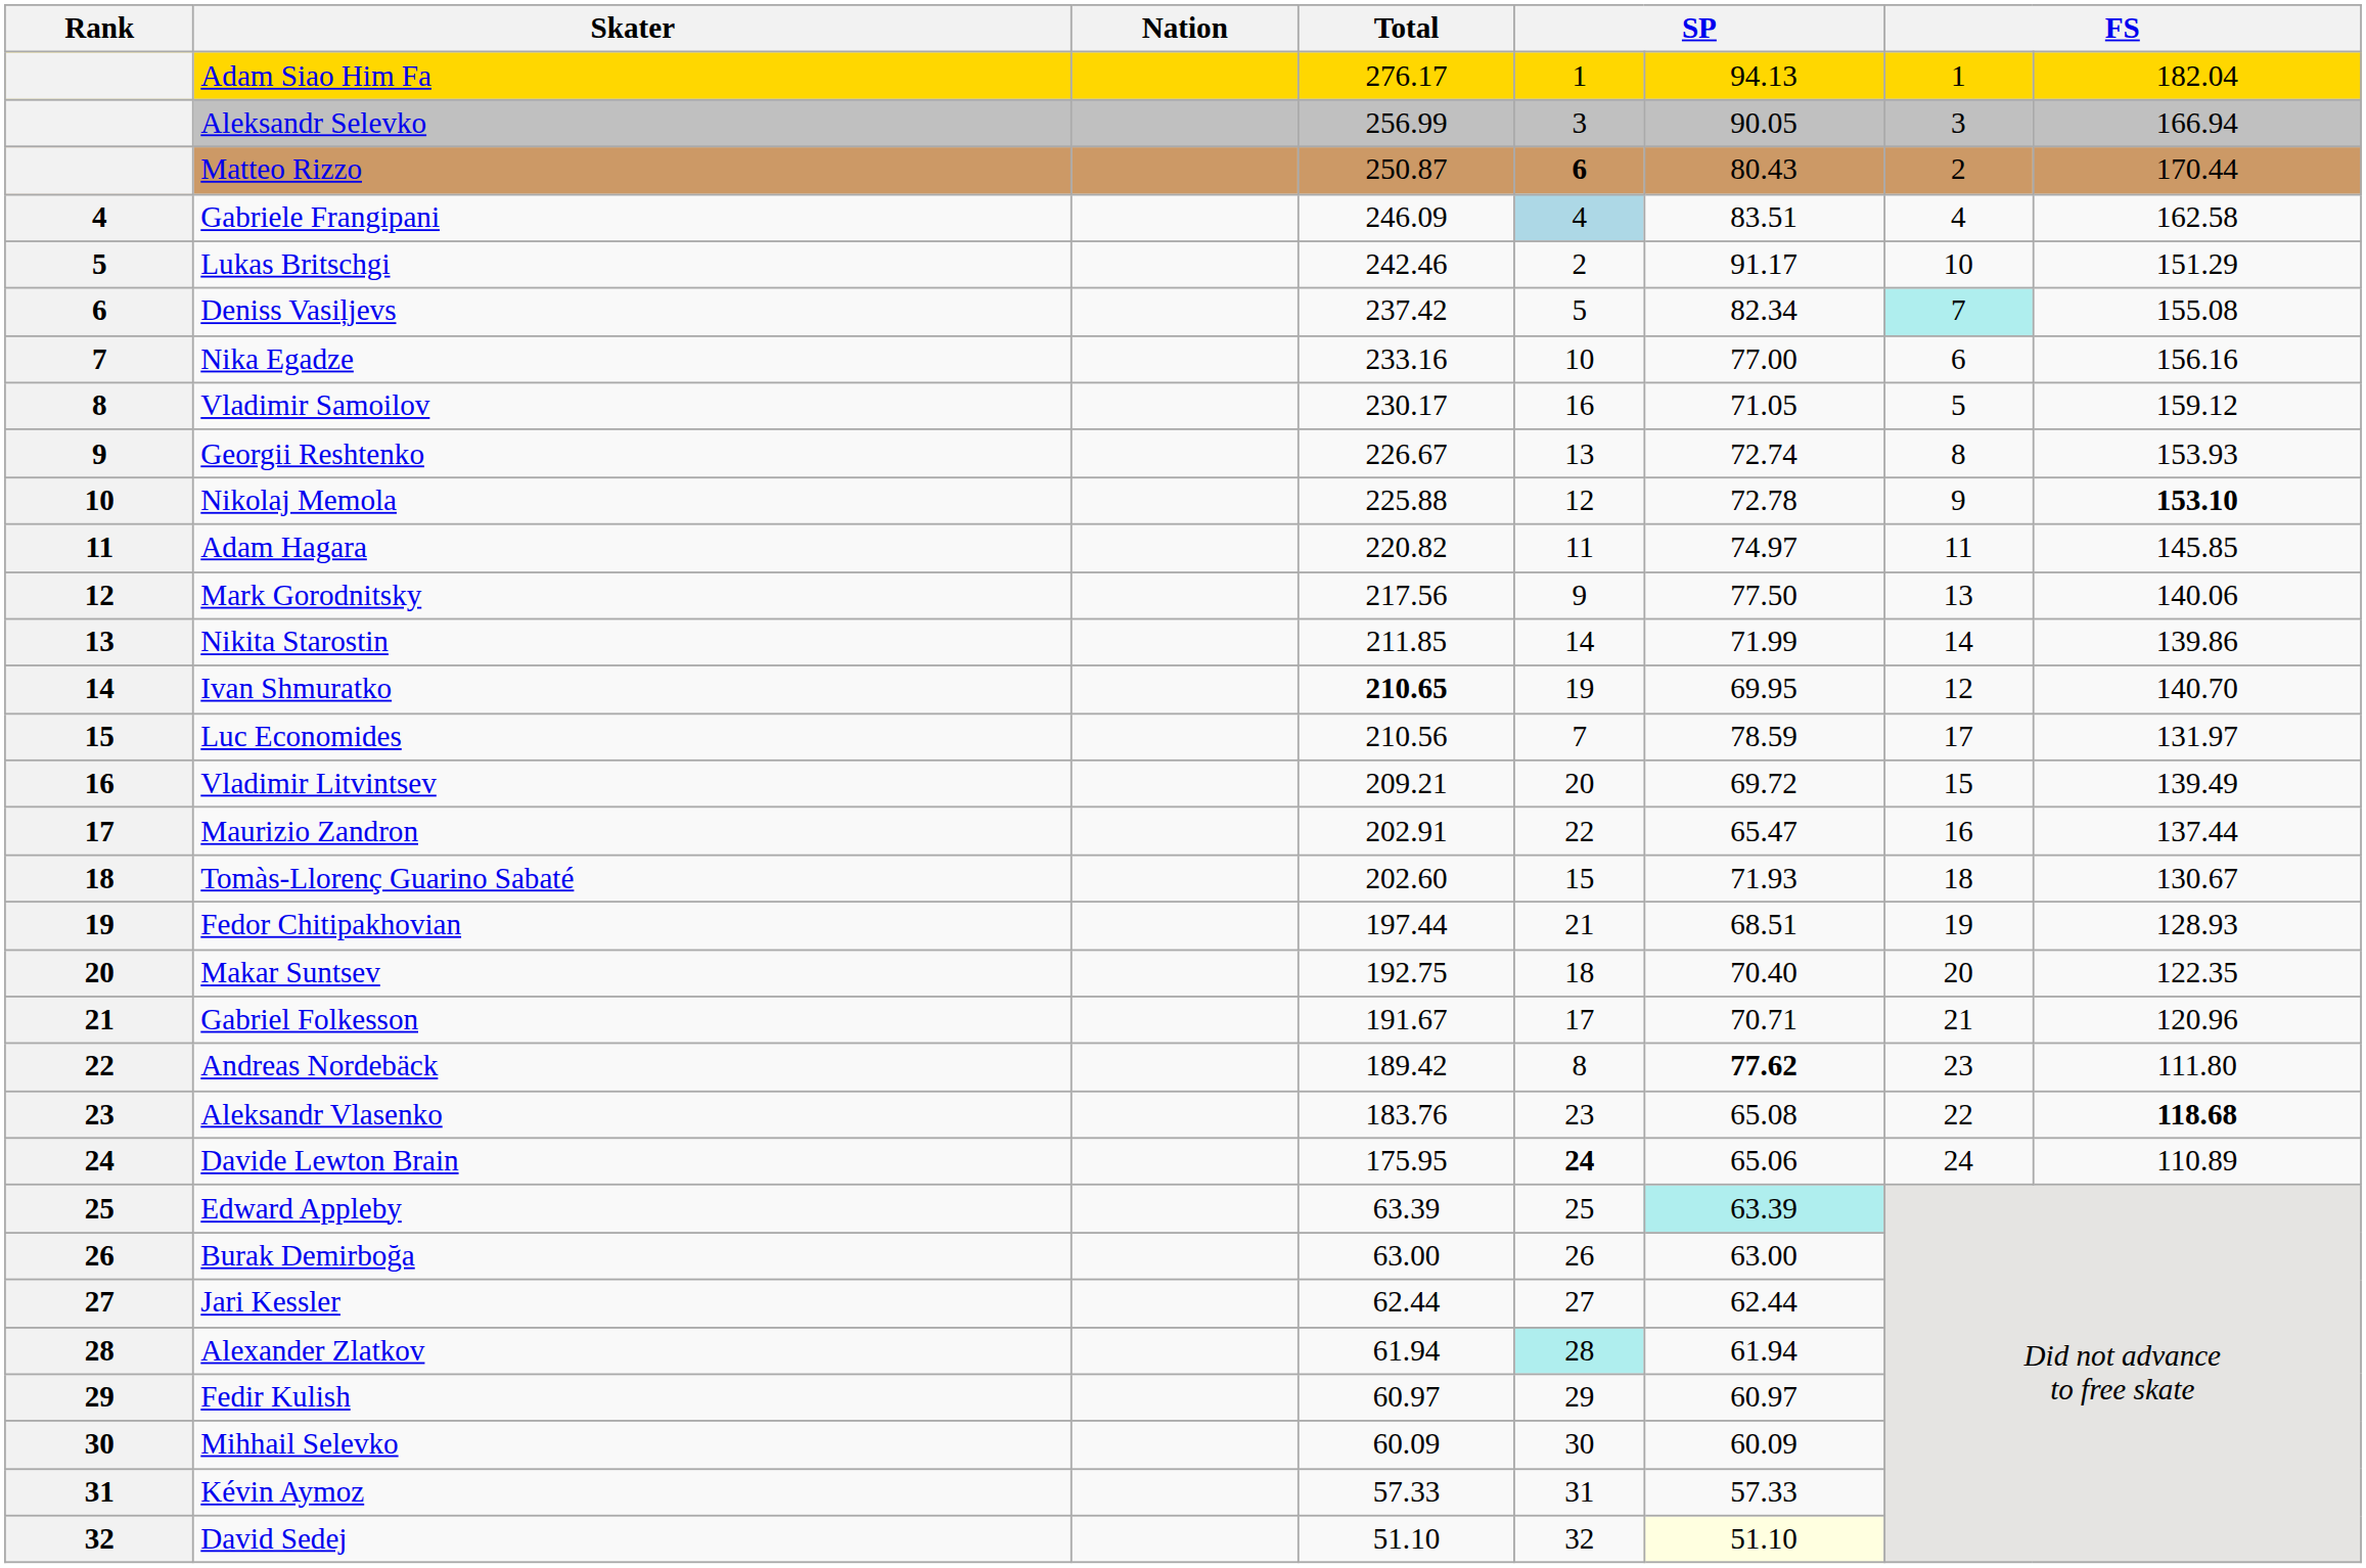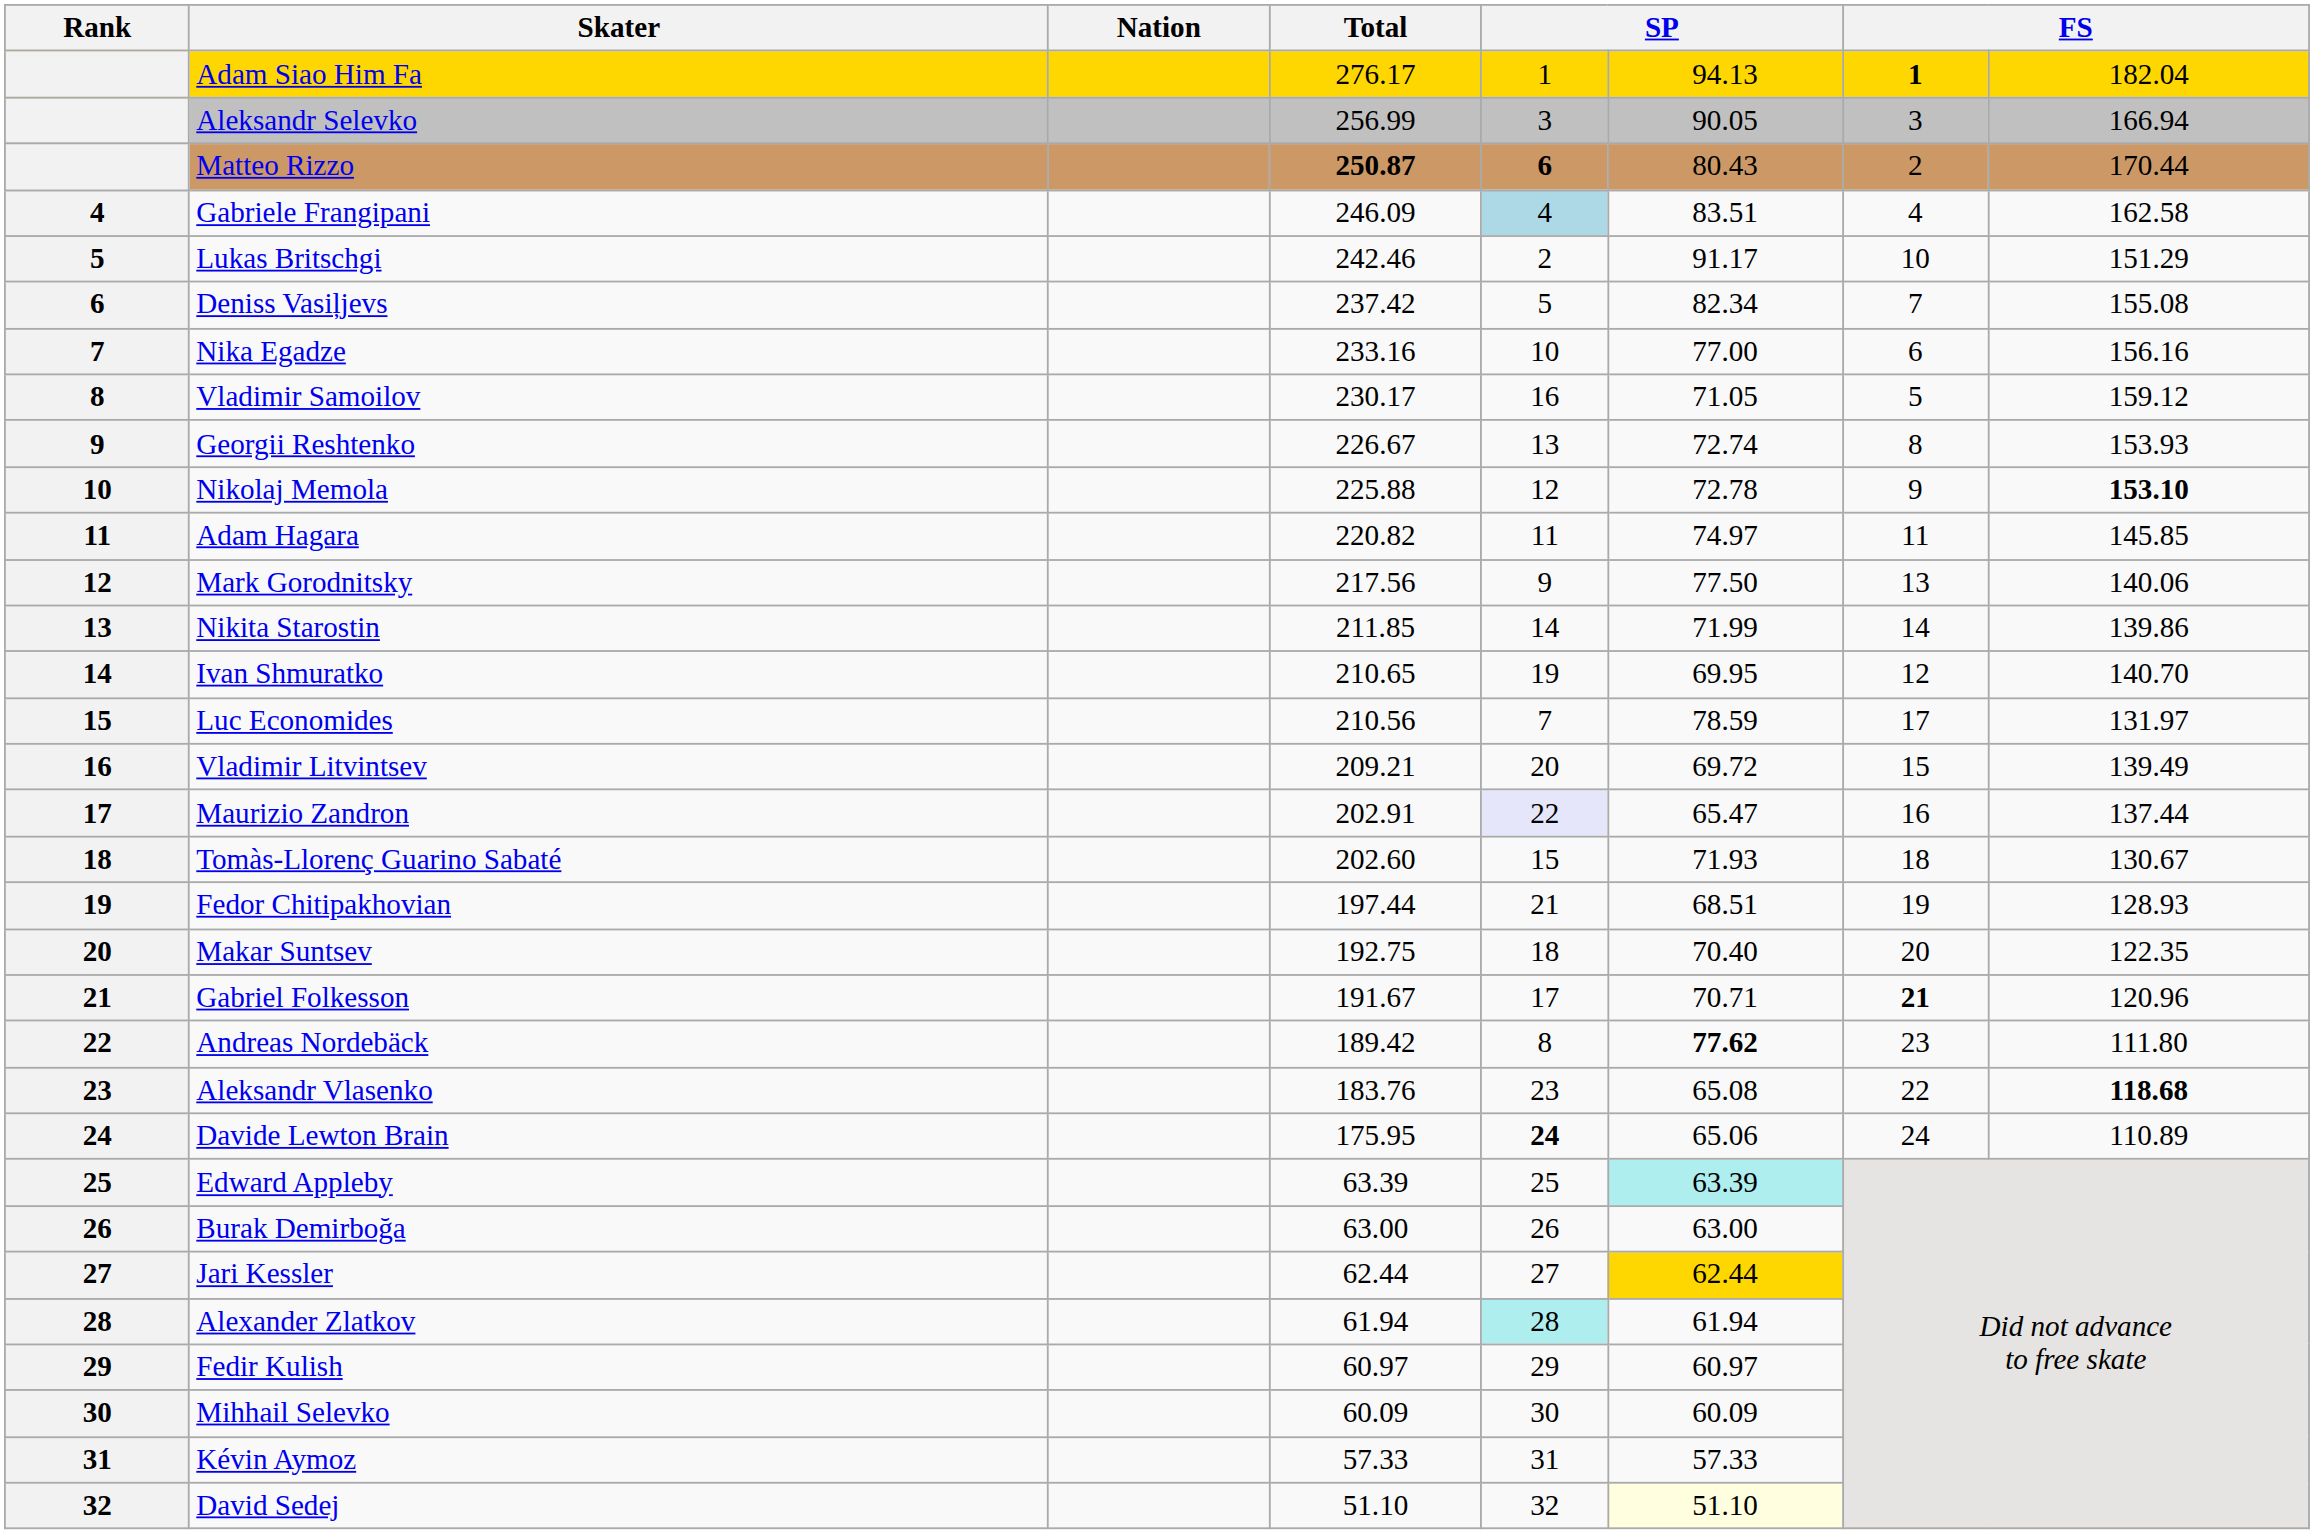 <table class="wikitable sortable" style="text-align:center; width:80%">
 <tr>
 <th scope="col">Rank</th>
 <th scope="col">Skater</th>
 <th scope="col">Nation</th>
 <th scope="col">Total</th>
 <th scope="col" colspan="2" width="80px"><a href='#'>SP</a></th>
 <th scope="col" colspan="2" width="80px"><a href='#'>FS</a></th>
 </tr>
 <tr bgcolor="gold">
 <th scope="row"></th>
 <td align="left"><a href='#'>Adam Siao Him Fa</a></td>
 <td align="left"></td>
 <td>276.17</td>
 <td>1</td>
 <td>94.13</td>
-<td>1</td>
+<td><strong>1</strong></td>
 <td>182.04</td>
 </tr>
 <tr bgcolor="silver">
 <th scope="row"></th>
 <td align="left"><a href='#'>Aleksandr Selevko</a></td>
 <td align="left"></td>
 <td>256.99</td>
 <td>3</td>
 <td>90.05</td>
 <td>3</td>
 <td>166.94</td>
 </tr>
 <tr bgcolor="#cc9966">
 <th scope="row"></th>
 <td align="left"><a href='#'>Matteo Rizzo</a></td>
 <td align="left"></td>
-<td>250.87</td>
+<td><strong>250.87</strong></td>
 <td><strong>6</strong></td>
 <td>80.43</td>
 <td>2</td>
 <td>170.44</td>
 </tr>
 <tr>
 <th scope="row">4</th>
 <td align="left"><a href='#'>Gabriele Frangipani</a></td>
 <td align="left"></td>
 <td>246.09</td>
 <td style="background: lightblue;">4</td>
 <td>83.51</td>
 <td>4</td>
 <td>162.58</td>
 </tr>
 <tr>
 <th scope="row">5</th>
 <td align="left"><a href='#'>Lukas Britschgi</a></td>
 <td align="left"></td>
 <td>242.46</td>
 <td>2</td>
 <td>91.17</td>
 <td>10</td>
 <td>151.29</td>
 </tr>
 <tr>
 <th scope="row">6</th>
 <td align="left"><a href='#'>Deniss Vasiļjevs</a></td>
 <td align="left"></td>
 <td>237.42</td>
 <td>5</td>
 <td>82.34</td>
-<td style="background: paleturquoise;">7</td>
+<td>7</td>
 <td>155.08</td>
 </tr>
 <tr>
 <th scope="row">7</th>
 <td align="left"><a href='#'>Nika Egadze</a></td>
 <td align="left"></td>
 <td>233.16</td>
 <td>10</td>
 <td>77.00</td>
 <td>6</td>
 <td>156.16</td>
 </tr>
 <tr>
 <th scope="row">8</th>
 <td align="left"><a href='#'>Vladimir Samoilov</a></td>
 <td align="left"></td>
 <td>230.17</td>
 <td>16</td>
 <td>71.05</td>
 <td>5</td>
 <td>159.12</td>
 </tr>
 <tr>
 <th scope="row">9</th>
 <td align="left"><a href='#'>Georgii Reshtenko</a></td>
 <td align="left"></td>
 <td>226.67</td>
 <td>13</td>
 <td>72.74</td>
 <td>8</td>
 <td>153.93</td>
 </tr>
 <tr>
 <th scope="row">10</th>
 <td align="left"><a href='#'>Nikolaj Memola</a></td>
 <td align="left"></td>
 <td>225.88</td>
 <td>12</td>
 <td>72.78</td>
 <td>9</td>
 <td><strong>153.10</strong></td>
 </tr>
 <tr>
 <th scope="row">11</th>
 <td align="left"><a href='#'>Adam Hagara</a></td>
 <td align="left"></td>
 <td>220.82</td>
 <td>11</td>
 <td>74.97</td>
 <td>11</td>
 <td>145.85</td>
 </tr>
 <tr>
 <th scope="row">12</th>
 <td align="left"><a href='#'>Mark Gorodnitsky</a></td>
 <td align="left"></td>
 <td>217.56</td>
 <td>9</td>
 <td>77.50</td>
 <td>13</td>
 <td>140.06</td>
 </tr>
 <tr>
 <th scope="row">13</th>
 <td align="left"><a href='#'>Nikita Starostin</a></td>
 <td align="left"></td>
 <td>211.85</td>
 <td>14</td>
 <td>71.99</td>
 <td>14</td>
 <td>139.86</td>
 </tr>
 <tr>
 <th scope="row">14</th>
 <td align="left"><a href='#'>Ivan Shmuratko</a></td>
 <td align="left"></td>
-<td><strong>210.65</strong></td>
+<td>210.65</td>
 <td>19</td>
 <td>69.95</td>
 <td>12</td>
 <td>140.70</td>
 </tr>
 <tr>
 <th scope="row">15</th>
 <td align="left"><a href='#'>Luc Economides</a></td>
 <td align="left"></td>
 <td>210.56</td>
 <td>7</td>
 <td>78.59</td>
 <td>17</td>
 <td>131.97</td>
 </tr>
 <tr>
 <th scope="row">16</th>
 <td align="left"><a href='#'>Vladimir Litvintsev</a></td>
 <td align="left"></td>
 <td>209.21</td>
 <td>20</td>
 <td>69.72</td>
 <td>15</td>
 <td>139.49</td>
 </tr>
 <tr>
 <th scope="row">17</th>
 <td align="left"><a href='#'>Maurizio Zandron</a></td>
 <td align="left"></td>
 <td>202.91</td>
-<td>22</td>
+<td style="background: lavender;">22</td>
 <td>65.47</td>
 <td>16</td>
 <td>137.44</td>
 </tr>
 <tr>
 <th scope="row">18</th>
 <td align="left"><a href='#'>Tomàs-Llorenç Guarino Sabaté</a></td>
 <td align="left"></td>
 <td>202.60</td>
 <td>15</td>
 <td>71.93</td>
 <td>18</td>
 <td>130.67</td>
 </tr>
 <tr>
 <th scope="row">19</th>
 <td align="left"><a href='#'>Fedor Chitipakhovian</a></td>
 <td align="left"></td>
 <td>197.44</td>
 <td>21</td>
 <td>68.51</td>
 <td>19</td>
 <td>128.93</td>
 </tr>
 <tr>
 <th scope="row">20</th>
 <td align="left"><a href='#'>Makar Suntsev</a></td>
 <td align="left"></td>
 <td>192.75</td>
 <td>18</td>
 <td>70.40</td>
 <td>20</td>
 <td>122.35</td>
 </tr>
 <tr>
 <th scope="row">21</th>
 <td align="left"><a href='#'>Gabriel Folkesson</a></td>
 <td align="left"></td>
 <td>191.67</td>
 <td>17</td>
 <td>70.71</td>
-<td>21</td>
+<td><strong>21</strong></td>
 <td>120.96</td>
 </tr>
 <tr>
 <th scope="row">22</th>
 <td align="left"><a href='#'>Andreas Nordebäck</a></td>
 <td align="left"></td>
 <td>189.42</td>
 <td>8</td>
 <td><strong>77.62</strong></td>
 <td>23</td>
 <td>111.80</td>
 </tr>
 <tr>
 <th scope="row">23</th>
 <td align="left"><a href='#'>Aleksandr Vlasenko</a></td>
 <td align="left"></td>
 <td>183.76</td>
 <td>23</td>
 <td>65.08</td>
 <td>22</td>
 <td><strong>118.68</strong></td>
 </tr>
 <tr>
 <th scope="row">24</th>
 <td align="left"><a href='#'>Davide Lewton Brain</a></td>
 <td align="left"></td>
 <td>175.95</td>
 <td><strong>24</strong></td>
 <td>65.06</td>
 <td>24</td>
 <td>110.89</td>
 </tr>
 <tr>
 <th scope="row">25</th>
 <td align="left"><a href='#'>Edward Appleby</a></td>
 <td align="left"></td>
 <td>63.39</td>
 <td>25</td>
 <td style="background: paleturquoise;">63.39</td>
 <td colspan="2" rowspan="8" bgcolor="e5e4e2"><em>Did not advance<br>to free skate</em></td>
 </tr>
 <tr>
 <th scope="row">26</th>
 <td align="left"><a href='#'>Burak Demirboğa</a></td>
 <td align="left"></td>
 <td>63.00</td>
 <td>26</td>
 <td>63.00</td>
 </tr>
 <tr>
 <th scope="row">27</th>
 <td align="left"><a href='#'>Jari Kessler</a></td>
 <td align="left"></td>
 <td>62.44</td>
 <td>27</td>
-<td>62.44</td>
+<td style="background: gold;">62.44</td>
 </tr>
 <tr>
 <th scope="row">28</th>
 <td align="left"><a href='#'>Alexander Zlatkov</a></td>
 <td align="left"></td>
 <td>61.94</td>
 <td style="background: paleturquoise;">28</td>
 <td>61.94</td>
 </tr>
 <tr>
 <th scope="row">29</th>
 <td align="left"><a href='#'>Fedir Kulish</a></td>
 <td align="left"></td>
 <td>60.97</td>
 <td>29</td>
 <td>60.97</td>
 </tr>
 <tr>
 <th scope="row">30</th>
 <td align="left"><a href='#'>Mihhail Selevko</a></td>
 <td align="left"></td>
 <td>60.09</td>
 <td>30</td>
 <td>60.09</td>
 </tr>
 <tr>
 <th scope="row">31</th>
 <td align="left"><a href='#'>Kévin Aymoz</a></td>
 <td align="left"></td>
 <td>57.33</td>
 <td>31</td>
 <td>57.33</td>
 </tr>
 <tr>
 <th scope="row">32</th>
 <td align="left"><a href='#'>David Sedej</a></td>
 <td align="left"></td>
 <td>51.10</td>
 <td>32</td>
 <td style="background: lightyellow;">51.10</td>
 </tr>
 </table>
